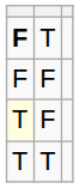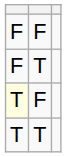 <table class="wikitable" style="margin:1em auto; text-align:center;">
 <tr>
 <th></th>
 <th></th>
 <th></th>
 </tr>
 <tr>
-<td><strong>F</strong></td>
-<td>T</td>
+<td>F</td>
+<td>F</td>
 <td></td>
 </tr>
 <tr>
 <td>F</td>
-<td>F</td>
+<td>T</td>
 <td></td>
 </tr>
 <tr>
 <td style="background: lightyellow;">T</td>
 <td>F</td>
 <td></td>
 </tr>
 <tr>
 <td>T</td>
 <td>T</td>
 <td></td>
 </tr>
 </table>
